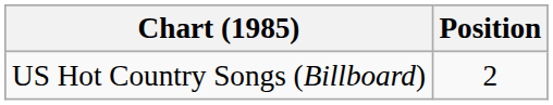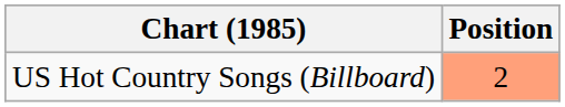 <table class="wikitable">
 <tr>
 <th>Chart (1985)</th>
 <th>Position</th>
 </tr>
 <tr>
 <td>US Hot Country Songs (<em>Billboard</em>)</td>
-<td align="center">2</td>
+<td align="center" style="background: lightsalmon;">2</td>
 </tr>
 </table>
